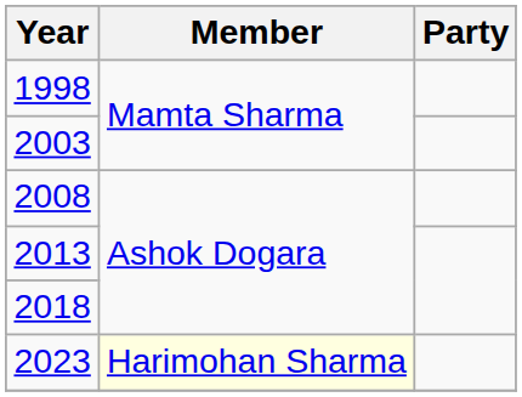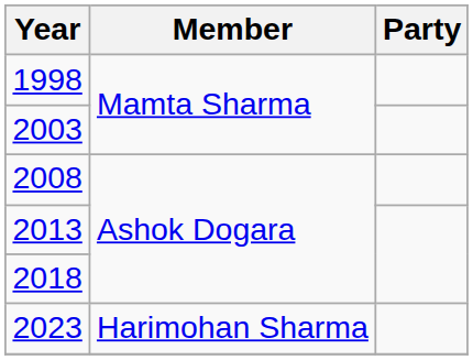 <table class="wikitable sortable">
 <tr>
 <th>Year</th>
 <th>Member</th>
 <th colspan="2">Party</th>
 </tr>
 <tr>
 <td><a href='#'>1998</a></td>
 <td rowspan=2><a href='#'>Mamta Sharma</a></td>
 <td></td>
 </tr>
 <tr>
 <td><a href='#'>2003</a></td>
 </tr>
 <tr>
 <td><a href='#'>2008</a></td>
 <td rowspan=3><a href='#'>Ashok Dogara</a></td>
 <td></td>
 </tr>
 <tr>
 <td><a href='#'>2013</a></td>
 </tr>
 <tr>
 <td><a href='#'>2018</a></td>
 </tr>
 <tr>
 <td><a href='#'>2023</a></td>
-<td style="background: lightyellow;"><a href='#'>Harimohan Sharma</a></td>
+<td><a href='#'>Harimohan Sharma</a></td>
 <td></td>
 </tr>
 <tr>
 </tr>
 </table>
